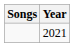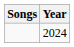 <table class="wikitable">
 <tr>
 <th>Songs</th>
 <th>Year</th>
 </tr>
 <tr>
 <td></td>
-<td>2021</td>
+<td>2024</td>
 </tr>
 </table>
